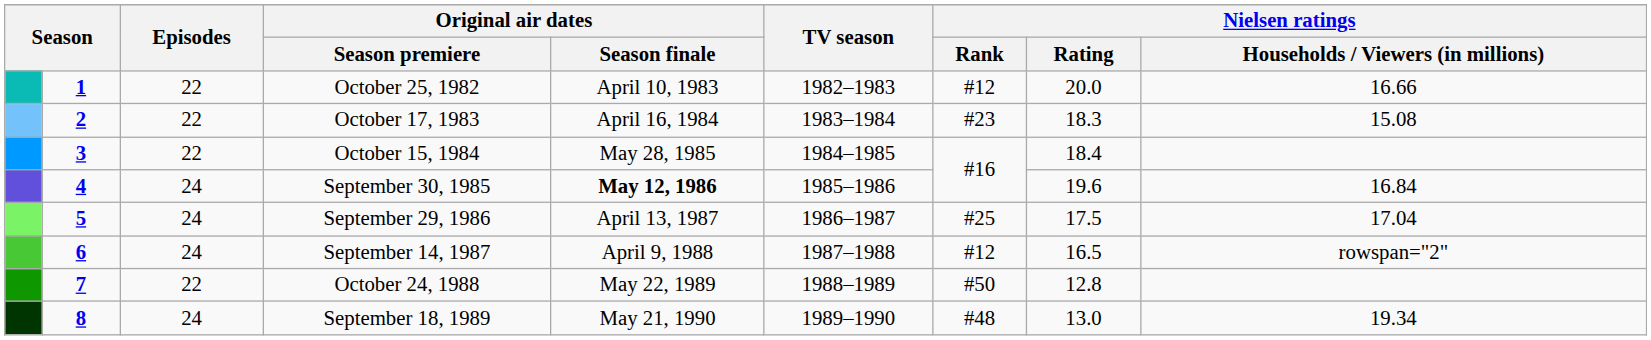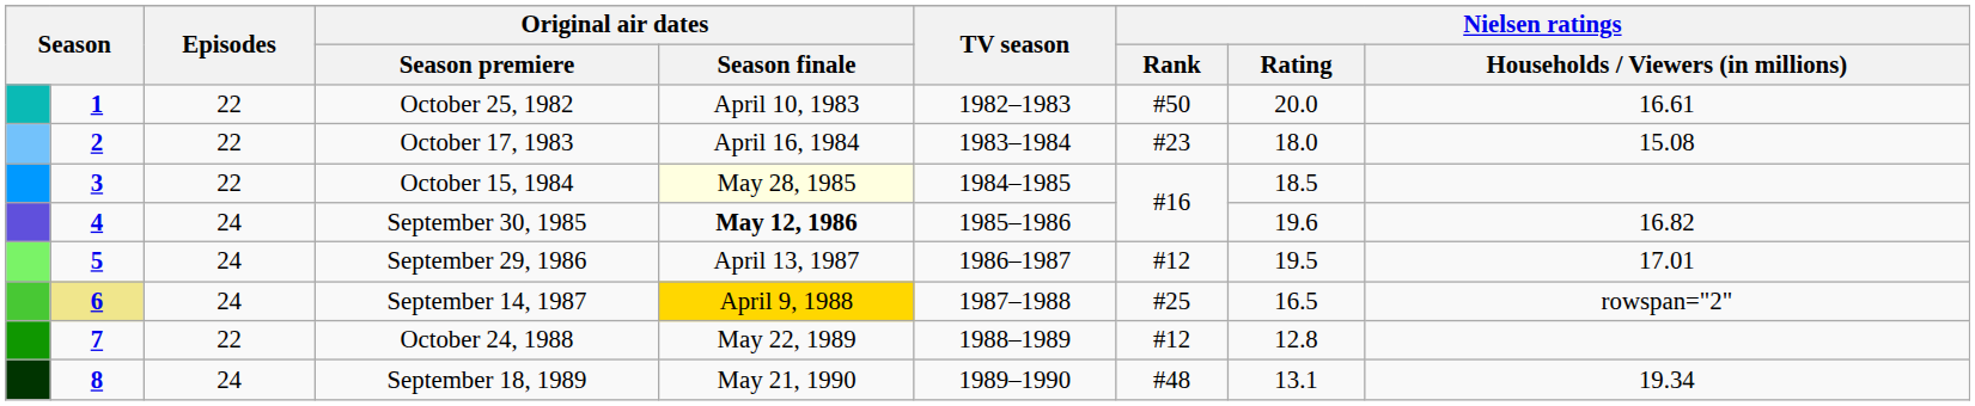 <table class="wikitable" style="text-align: center; width:100%">
 <tr>
 </tr>
 <tr>
 <th rowspan="2" colspan="2">Season</th>
 <th rowspan="2">Episodes</th>
 <th colspan="2">Original air dates</th>
 <th rowspan="2">TV season</th>
 <th colspan="3"><a href='#'>Nielsen ratings</a></th>
 </tr>
 <tr>
 <th>Season premiere</th>
 <th>Season finale</th>
 <th>Rank</th>
 <th>Rating</th>
 <th>Households / Viewers (in millions)</th>
 </tr>
 <tr>
 <td style="background:#0abab5"></td>
 <td><strong><a href='#'>1</a></strong></td>
 <td>22</td>
 <td>October 25, 1982</td>
 <td>April 10, 1983</td>
 <td>1982–1983</td>
-<td>#12</td>
+<td>#50</td>
 <td>20.0</td>
-<td>16.66</td>
+<td>16.61</td>
 </tr>
 <tr>
 <td style="background:#73c2fb"></td>
 <td><strong><a href='#'>2</a></strong></td>
 <td>22</td>
 <td>October 17, 1983</td>
 <td>April 16, 1984</td>
 <td>1983–1984</td>
 <td>#23</td>
-<td>18.3</td>
+<td>18.0</td>
 <td>15.08</td>
 </tr>
 <tr>
 <td style="background:#0099FF"></td>
 <td><strong><a href='#'>3</a></strong></td>
 <td>22</td>
 <td>October 15, 1984</td>
-<td>May 28, 1985</td>
+<td style="background: lightyellow;">May 28, 1985</td>
 <td>1984–1985</td>
 <td rowspan="2">#16</td>
-<td>18.4</td>
+<td>18.5</td>
 <td></td>
 </tr>
 <tr>
 <td style="background:#6050DC"></td>
 <td><strong><a href='#'>4</a></strong></td>
 <td>24</td>
 <td>September 30, 1985</td>
 <td><strong>May 12, 1986</strong></td>
 <td>1985–1986</td>
 <td>19.6</td>
-<td>16.84</td>
+<td>16.82</td>
 </tr>
 <tr>
 <td style="background:#7AF367"></td>
 <td><strong><a href='#'>5</a></strong></td>
 <td>24</td>
 <td>September 29, 1986</td>
 <td>April 13, 1987</td>
 <td>1986–1987</td>
-<td>#25</td>
-<td>17.5</td>
-<td>17.04</td>
+<td>#12</td>
+<td>19.5</td>
+<td>17.01</td>
 </tr>
 <tr>
 <td style="background:#48C834"></td>
-<td><strong><a href='#'>6</a></strong></td>
+<td style="background: khaki;"><strong><a href='#'>6</a></strong></td>
 <td>24</td>
 <td>September 14, 1987</td>
-<td>April 9, 1988</td>
+<td style="background: gold;">April 9, 1988</td>
 <td>1987–1988</td>
-<td>#12</td>
+<td>#25</td>
 <td>16.5</td>
 <td>rowspan="2" </td>
 </tr>
 <tr>
 <td style="background:#0F9700"></td>
 <td><strong><a href='#'>7</a></strong></td>
 <td>22</td>
 <td>October 24, 1988</td>
 <td>May 22, 1989</td>
 <td>1988–1989</td>
-<td>#50</td>
+<td>#12</td>
 <td>12.8</td>
 </tr>
 <tr>
 <td style="background:#003400"></td>
 <td><strong><a href='#'>8</a></strong></td>
 <td>24</td>
 <td>September 18, 1989</td>
 <td>May 21, 1990</td>
 <td>1989–1990</td>
 <td>#48</td>
-<td>13.0</td>
+<td>13.1</td>
 <td>19.34</td>
 </tr>
 </table>
